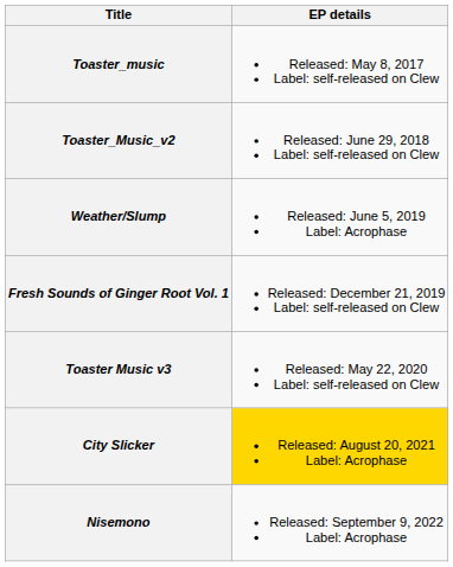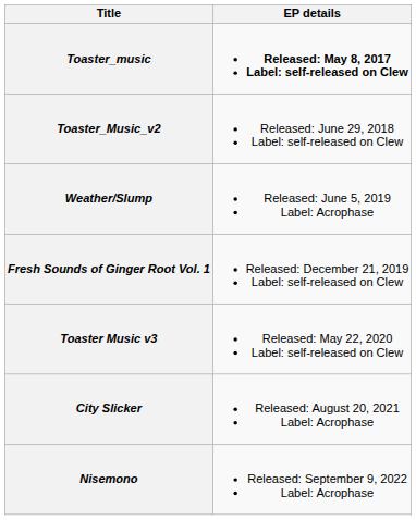 <table class="wikitable plainrowheaders" style="text-align:center;">
 <tr>
 <th scope="col">Title</th>
 <th scope="col">EP details</th>
 </tr>
 <tr>
 <th scope="row"><em>Toaster_music</em></th>
-<td><br><ul><li>Released: May 8, 2017</li><li>Label: self-released on Clew</li></ul></td>
+<td><strong><br><ul><li>Released: May 8, 2017</li><li>Label: self-released on Clew</li></ul></strong></td>
 </tr>
 <tr>
 <th scope="row"><em>Toaster_Music_v2</em></th>
 <td><br><ul><li>Released: June 29, 2018</li><li>Label: self-released on Clew</li></ul></td>
 </tr>
 <tr>
 <th scope="row"><em>Weather/Slump</em></th>
 <td><br><ul><li>Released: June 5, 2019</li><li>Label: Acrophase</li></ul></td>
 </tr>
 <tr>
 <th scope="row"><em>Fresh Sounds of Ginger Root Vol. 1</em></th>
 <td><br><ul><li>Released: December 21, 2019</li><li>Label: self-released on Clew</li></ul></td>
 </tr>
 <tr>
 <th scope="row"><em>Toaster Music v3</em></th>
 <td><br><ul><li>Released: May 22, 2020</li><li>Label: self-released on Clew</li></ul></td>
 </tr>
 <tr>
 <th scope="row"><em>City Slicker</em></th>
-<td style="background: gold;"><br><ul><li>Released: August 20, 2021</li><li>Label: Acrophase</li></ul></td>
+<td><br><ul><li>Released: August 20, 2021</li><li>Label: Acrophase</li></ul></td>
 </tr>
 <tr>
 <th scope="row"><em>Nisemono</em></th>
 <td><br><ul><li>Released: September 9, 2022</li><li>Label: Acrophase</li></ul></td>
 </tr>
 </table>
